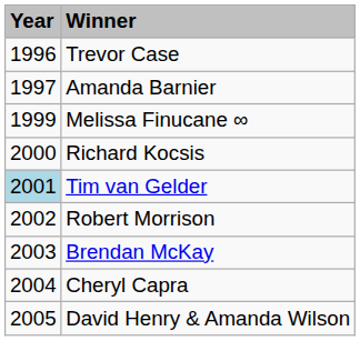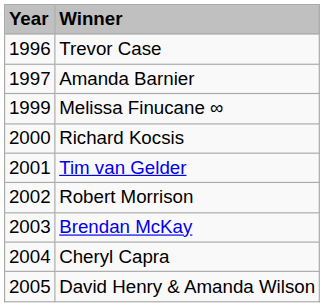 <table class="wikitable">
 <tr style="background:silver;">
 <td><strong>Year</strong></td>
 <td><strong>Winner</strong></td>
 </tr>
 <tr>
 <td>1996</td>
 <td>Trevor Case</td>
 </tr>
 <tr>
 <td>1997</td>
 <td>Amanda Barnier</td>
 </tr>
 <tr>
 <td>1999</td>
 <td>Melissa Finucane ∞</td>
 </tr>
 <tr>
 <td>2000</td>
 <td>Richard Kocsis</td>
 </tr>
 <tr>
-<td style="background: lightblue;">2001</td>
+<td>2001</td>
 <td><a href='#'>Tim van Gelder</a></td>
 </tr>
 <tr>
 <td>2002</td>
 <td>Robert Morrison</td>
 </tr>
 <tr>
 <td>2003</td>
 <td><a href='#'>Brendan McKay</a></td>
 </tr>
 <tr>
 <td>2004</td>
 <td>Cheryl Capra</td>
 </tr>
 <tr>
 <td>2005</td>
 <td>David Henry & Amanda Wilson</td>
 </tr>
 </table>
